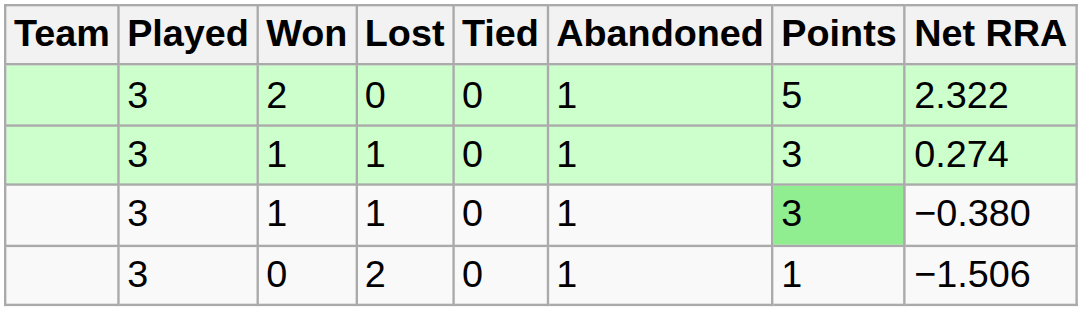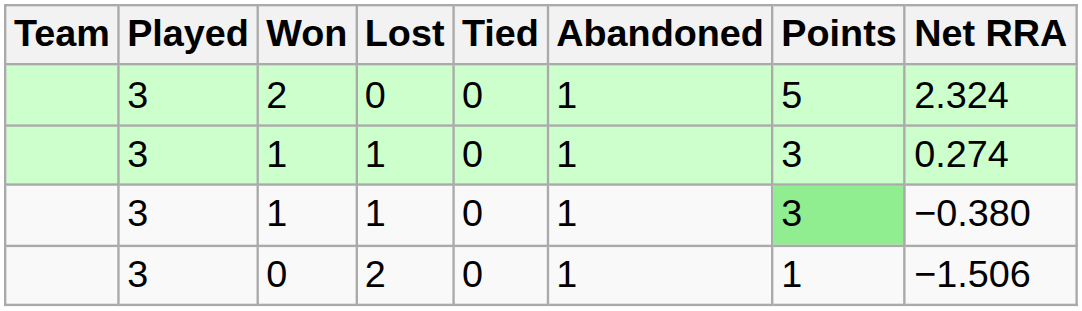 <table class="wikitable">
 <tr>
 <th>Team</th>
 <th>Played</th>
 <th>Won</th>
 <th>Lost</th>
 <th>Tied</th>
 <th>Abandoned</th>
 <th>Points</th>
 <th>Net RRA</th>
 </tr>
 <tr style="background:#cfc">
 <td></td>
 <td>3</td>
 <td>2</td>
 <td>0</td>
 <td>0</td>
 <td>1</td>
 <td>5</td>
-<td>2.322</td>
+<td>2.324</td>
 </tr>
 <tr style="background:#cfc;">
 <td></td>
 <td>3</td>
 <td>1</td>
 <td>1</td>
 <td>0</td>
 <td>1</td>
 <td>3</td>
 <td>0.274</td>
 </tr>
 <tr>
 <td></td>
 <td>3</td>
 <td>1</td>
 <td>1</td>
 <td>0</td>
 <td>1</td>
 <td style="background: lightgreen;">3</td>
 <td>−0.380</td>
 </tr>
 <tr>
 <td></td>
 <td>3</td>
 <td>0</td>
 <td>2</td>
 <td>0</td>
 <td>1</td>
 <td>1</td>
 <td>−1.506</td>
 </tr>
 </table>
